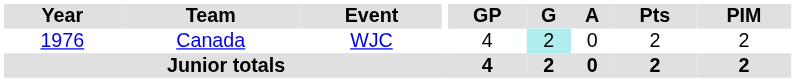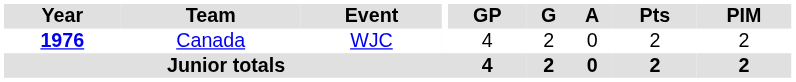 <table border="0" cellpadding="1" cellspacing="0" ID="Table3" style="text-align:center; width:40em">
 <tr bgcolor="#e0e0e0">
 <th>Year</th>
 <th>Team</th>
 <th>Event</th>
 <th rowspan="102" bgcolor="#ffffff"></th>
 <th>GP</th>
 <th>G</th>
 <th>A</th>
 <th>Pts</th>
 <th>PIM</th>
 </tr>
 <tr>
-<td><a href='#'>1976</a></td>
+<td><strong><a href='#'>1976</a></strong></td>
 <td><a href='#'>Canada</a></td>
 <td><a href='#'>WJC</a></td>
 <td>4</td>
-<td style="background: paleturquoise;">2</td>
+<td>2</td>
 <td>0</td>
 <td>2</td>
 <td>2</td>
 </tr>
 <tr bgcolor="#e0e0e0">
 <th colspan="4">Junior totals</th>
 <th>4</th>
 <th>2</th>
 <th>0</th>
 <th>2</th>
 <th>2</th>
 </tr>
 </table>
